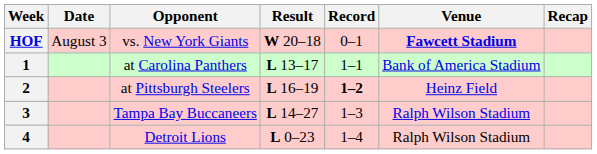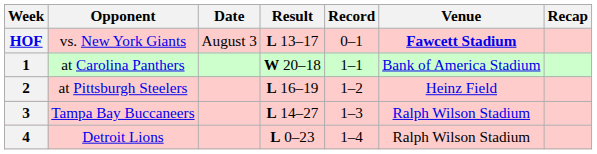 <table class="wikitable" style="text-align:center">
 <tr>
 <th>Week</th>
+<th>Opponent</th>
 <th>Date</th>
-<th>Opponent</th>
 <th>Result</th>
 <th>Record</th>
 <th>Venue</th>
 <th>Recap</th>
 </tr>
 <tr style="background:#fcc">
 <th><a href='#'>HOF</a></th>
+<td>vs. <a href='#'>New York Giants</a></td>
 <td>August 3</td>
-<td>vs. <a href='#'>New York Giants</a></td>
-<td><strong>W</strong> 20–18</td>
+<td><strong>L</strong> 13–17</td>
 <td>0–1</td>
 <td><strong><a href='#'>Fawcett Stadium</a> </strong></td>
 <td></td>
 </tr>
 <tr style="background:#cfc">
 <th>1</th>
+<td>at <a href='#'>Carolina Panthers</a></td>
 <td></td>
-<td>at <a href='#'>Carolina Panthers</a></td>
-<td><strong>L</strong> 13–17</td>
+<td><strong>W</strong> 20–18</td>
 <td>1–1</td>
 <td><a href='#'>Bank of America Stadium</a></td>
 <td></td>
 </tr>
 <tr style="background:#fcc">
 <th>2</th>
+<td>at <a href='#'>Pittsburgh Steelers</a></td>
 <td></td>
-<td>at <a href='#'>Pittsburgh Steelers</a></td>
 <td><strong>L</strong> 16–19</td>
-<td><strong>1–2</strong></td>
+<td>1–2</td>
 <td><a href='#'>Heinz Field</a></td>
 <td></td>
 </tr>
 <tr style="background:#fcc">
 <th>3</th>
+<td><a href='#'>Tampa Bay Buccaneers</a></td>
 <td></td>
-<td><a href='#'>Tampa Bay Buccaneers</a></td>
 <td><strong>L</strong> 14–27</td>
 <td>1–3</td>
 <td><a href='#'>Ralph Wilson Stadium</a></td>
 <td></td>
 </tr>
 <tr style="background:#fcc">
 <th>4</th>
+<td><a href='#'>Detroit Lions</a></td>
 <td></td>
-<td><a href='#'>Detroit Lions</a></td>
 <td><strong>L</strong> 0–23</td>
 <td>1–4</td>
 <td>Ralph Wilson Stadium</td>
 <td></td>
 </tr>
 </table>
